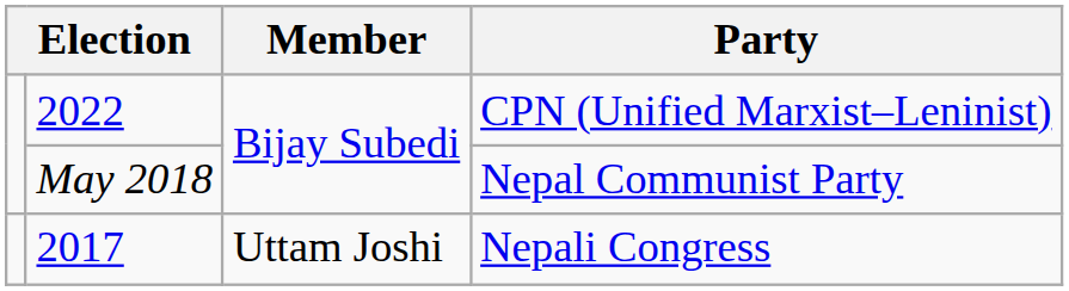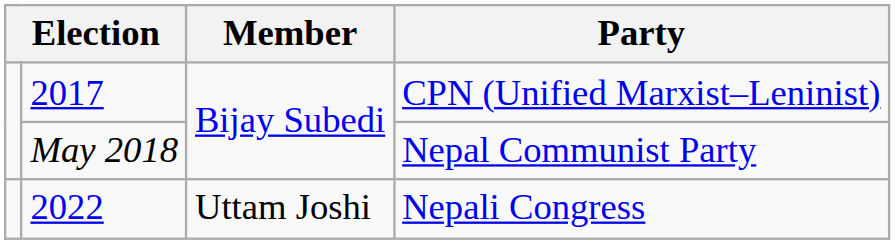 <table class="wikitable">
 <tr>
 <th colspan="2">Election</th>
 <th>Member</th>
 <th>Party</th>
 </tr>
 <tr>
 <td rowspan="2" style="background-color:"></td>
-<td><a href='#'>2022</a></td>
+<td><a href='#'>2017</a></td>
 <td rowspan="2"><a href='#'>Bijay Subedi</a></td>
 <td><a href='#'>CPN (Unified Marxist–Leninist)</a></td>
 </tr>
 <tr>
 <td><em>May 2018</em></td>
 <td><a href='#'>Nepal Communist Party</a></td>
 </tr>
 <tr>
 <td style="background-color:"></td>
-<td><a href='#'>2017</a></td>
+<td><a href='#'>2022</a></td>
 <td rowspan="2">Uttam Joshi</td>
 <td><a href='#'>Nepali Congress</a></td>
 </tr>
 </table>
